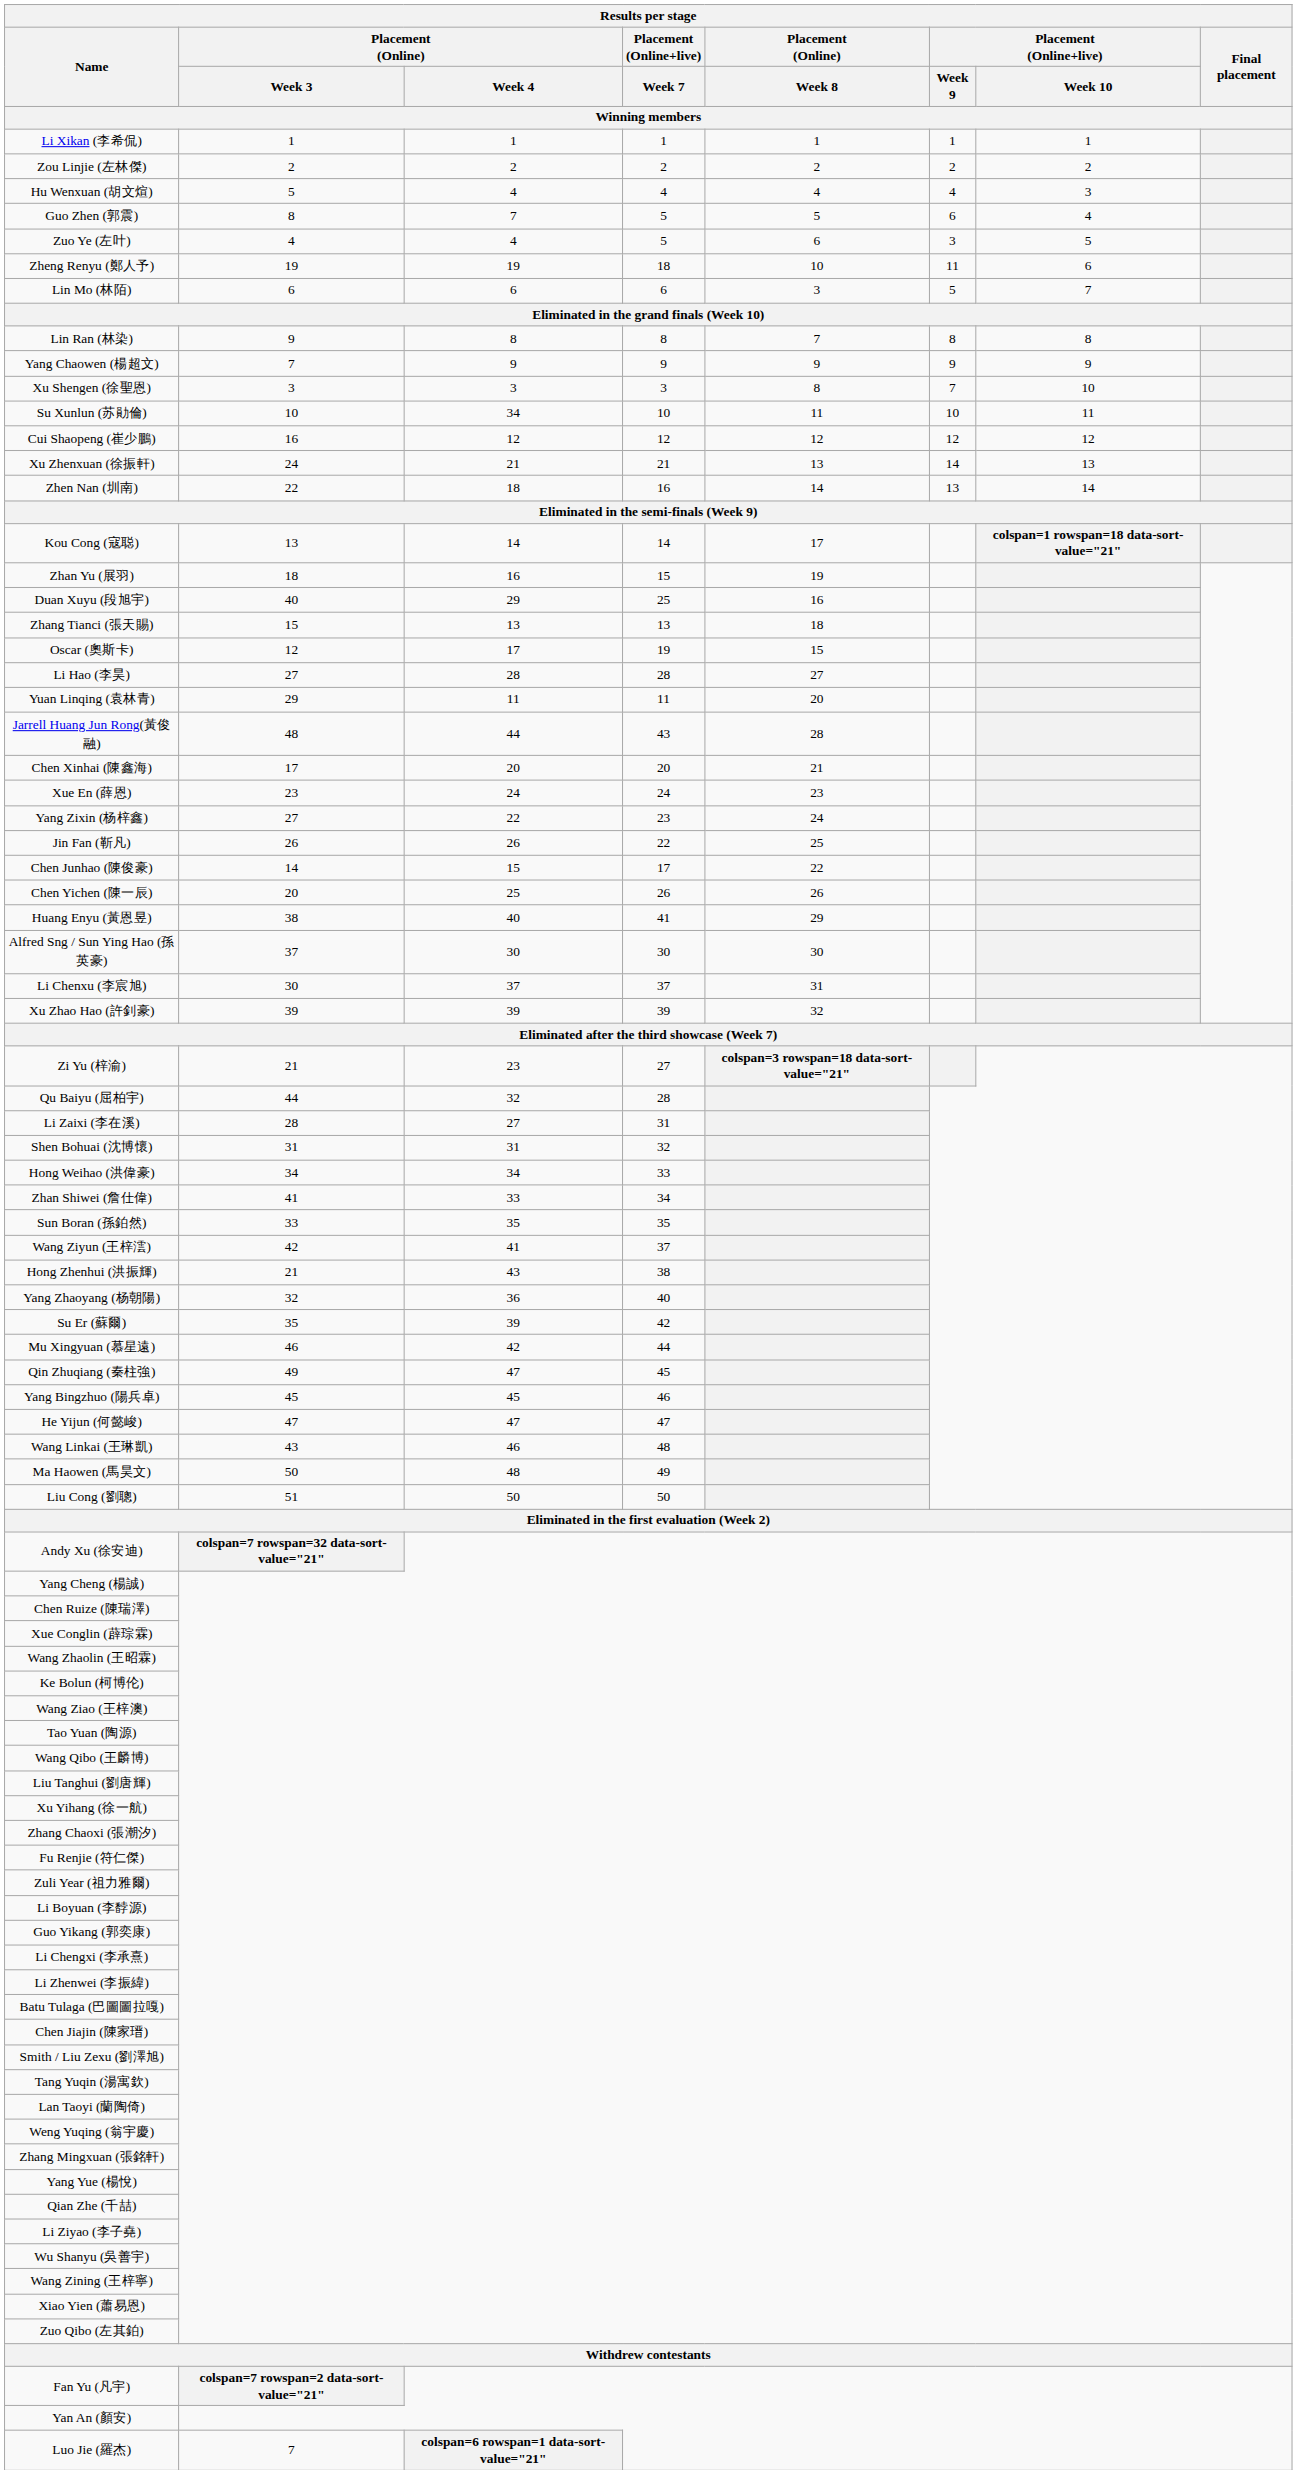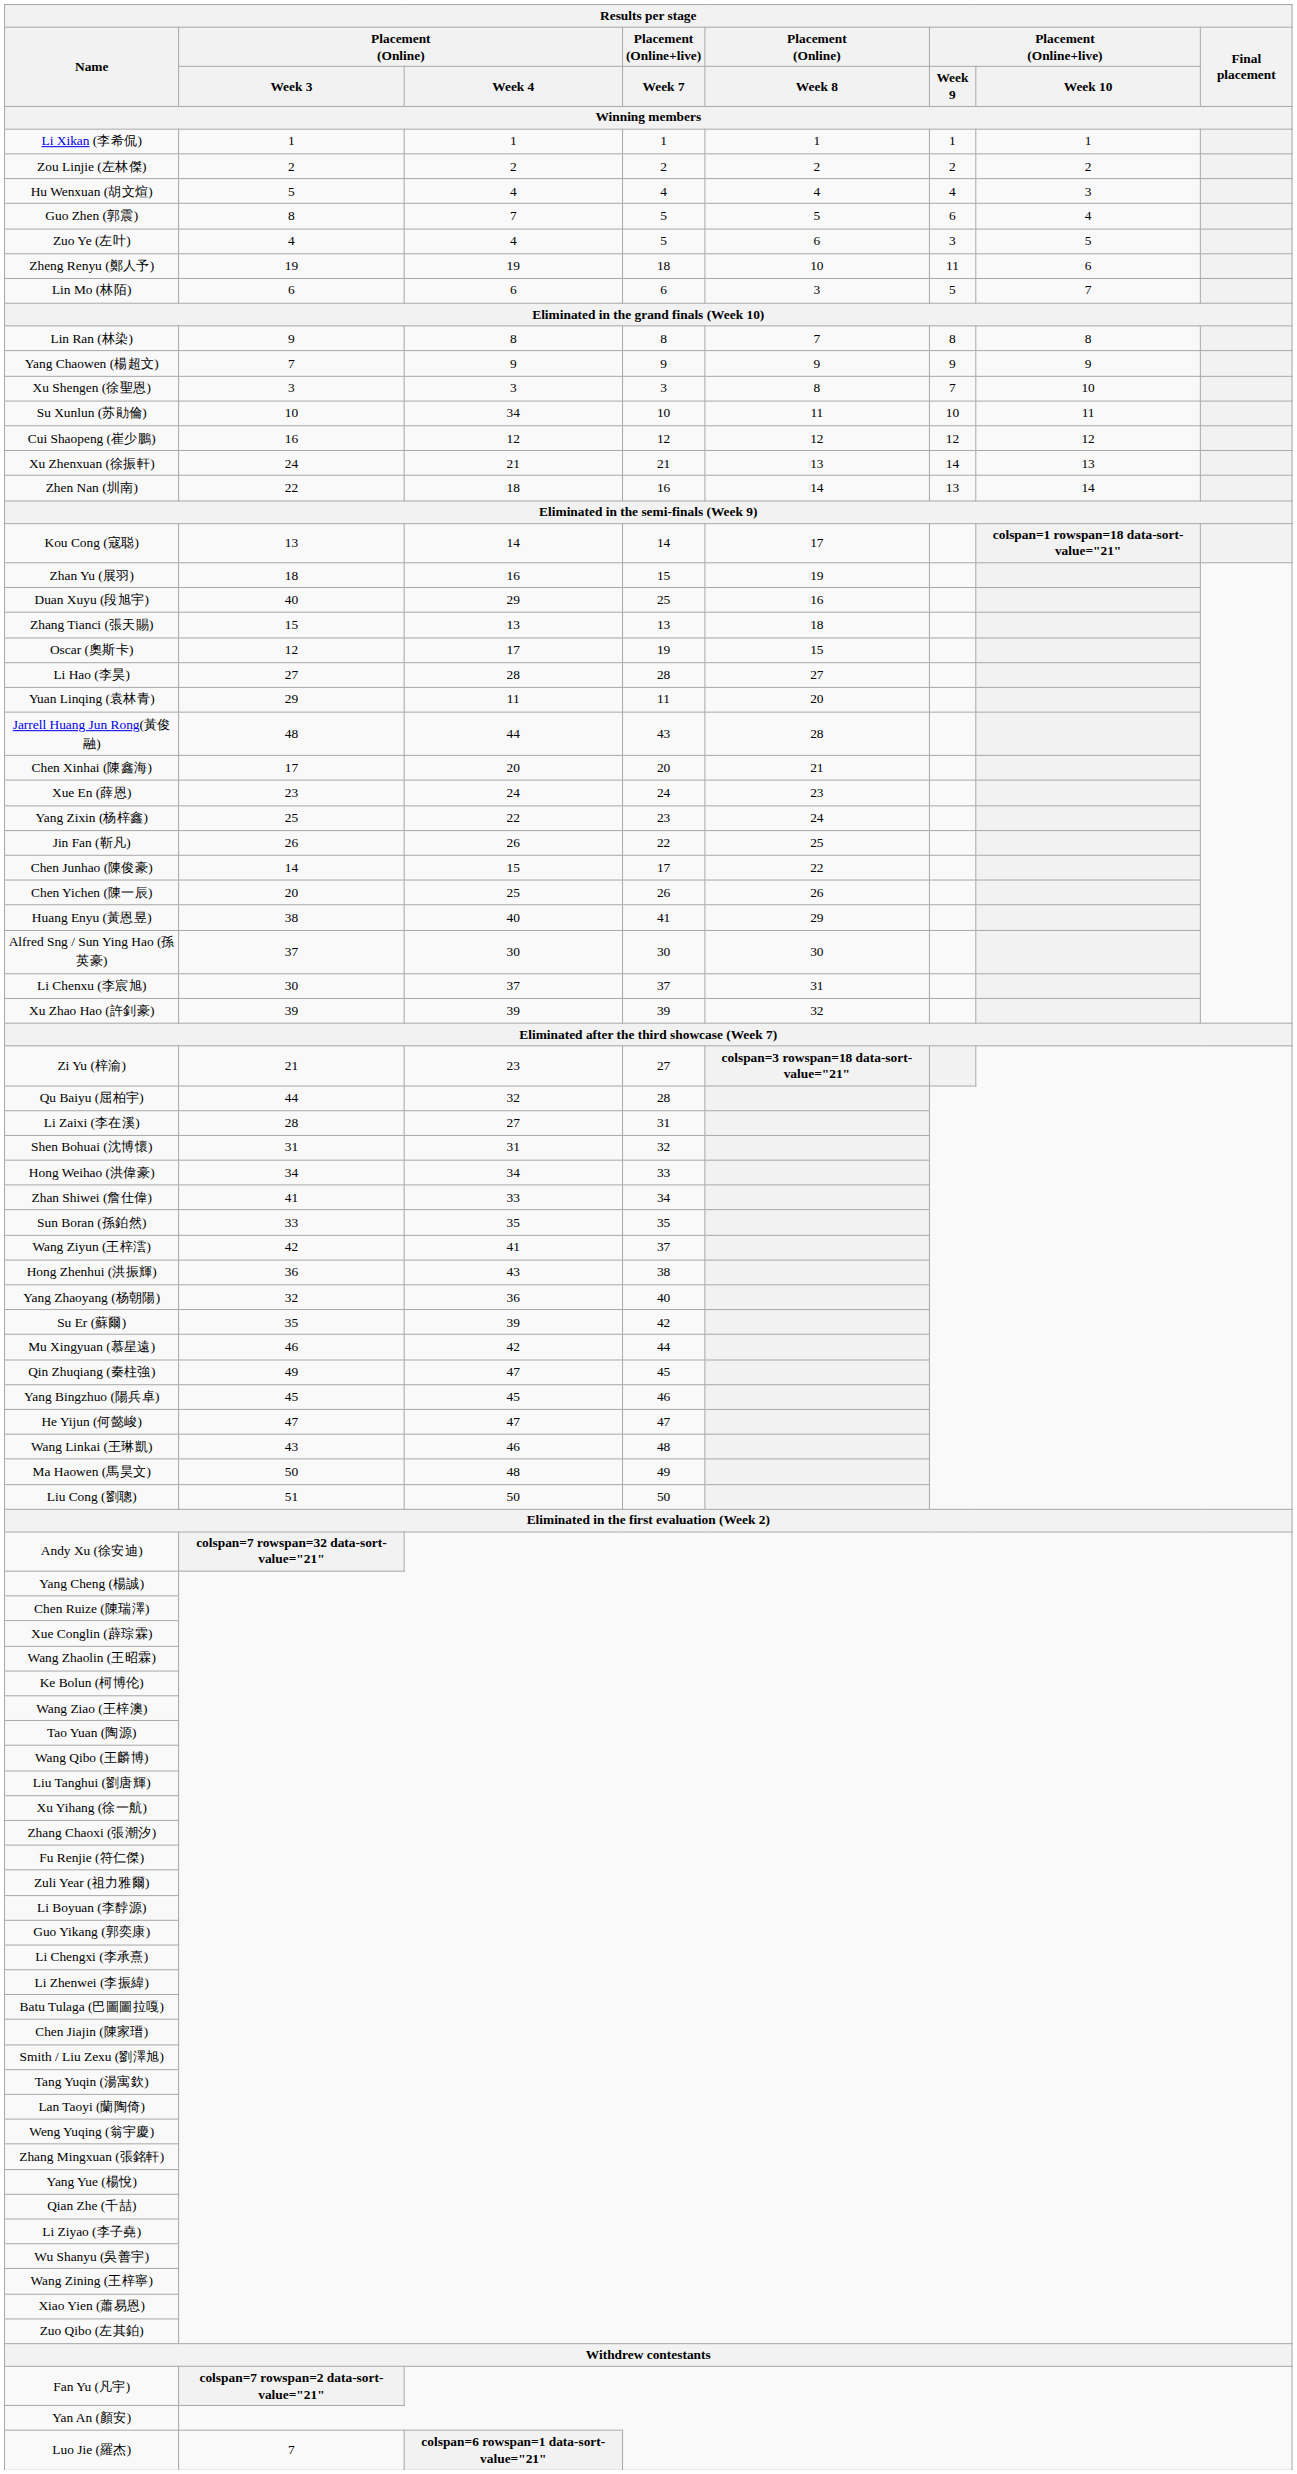 <table class="wikitable sortable" style="Font-size:small; text-align:center">
 <tr>
 <th colspan="8">Results per stage</th>
 </tr>
 <tr>
 <th rowspan="2">Name</th>
 <th colspan="2">Placement<br>(Online)</th>
 <th>Placement<br>(Online+live)</th>
 <th>Placement<br>(Online)</th>
 <th colspan="2">Placement<br>(Online+live)</th>
 <th rowspan="2">Final placement</th>
 </tr>
 <tr>
 <th>Week 3</th>
 <th>Week 4</th>
 <th>Week 7</th>
 <th>Week 8</th>
 <th>Week 9</th>
 <th>Week 10</th>
 </tr>
 <tr>
 <th colspan="11">Winning members</th>
 </tr>
 <tr>
 <td><a href='#'>Li Xikan</a> (李希侃)</td>
 <td>1</td>
 <td>1</td>
 <td>1</td>
 <td>1</td>
 <td>1</td>
 <td>1</td>
 <th></th>
 </tr>
 <tr>
 <td>Zou Linjie (左林傑)</td>
 <td>2</td>
 <td>2</td>
 <td>2</td>
 <td>2</td>
 <td>2</td>
 <td>2</td>
 <th></th>
 </tr>
 <tr>
 <td>Hu Wenxuan (胡文煊)</td>
 <td>5</td>
 <td>4</td>
 <td>4</td>
 <td>4</td>
 <td>4</td>
 <td>3</td>
 <th></th>
 </tr>
 <tr>
 <td>Guo Zhen (郭震)</td>
 <td>8</td>
 <td>7</td>
 <td>5</td>
 <td>5</td>
 <td>6</td>
 <td>4</td>
 <th></th>
 </tr>
 <tr>
 <td>Zuo Ye (左叶)</td>
 <td>4</td>
 <td>4</td>
 <td>5</td>
 <td>6</td>
 <td>3</td>
 <td>5</td>
 <th></th>
 </tr>
 <tr>
 <td>Zheng Renyu (鄭人予)</td>
 <td>19</td>
 <td>19</td>
 <td>18</td>
 <td>10</td>
 <td>11</td>
 <td>6</td>
 <th></th>
 </tr>
 <tr>
 <td>Lin Mo (林陌)</td>
 <td>6</td>
 <td>6</td>
 <td>6</td>
 <td>3</td>
 <td>5</td>
 <td>7</td>
 <th></th>
 </tr>
 <tr>
 <th colspan="11">Eliminated in the grand finals (Week 10)</th>
 </tr>
 <tr>
 <td>Lin Ran (林染)</td>
 <td>9</td>
 <td>8</td>
 <td>8</td>
 <td>7</td>
 <td>8</td>
 <td>8</td>
 <th></th>
 </tr>
 <tr>
 <td>Yang Chaowen (楊超文)</td>
 <td>7</td>
 <td>9</td>
 <td>9</td>
 <td>9</td>
 <td>9</td>
 <td>9</td>
 <th></th>
 </tr>
 <tr>
 <td>Xu Shengen (徐聖恩)</td>
 <td>3</td>
 <td>3</td>
 <td>3</td>
 <td>8</td>
 <td>7</td>
 <td>10</td>
 <th></th>
 </tr>
 <tr>
 <td>Su Xunlun  (苏勛倫)</td>
 <td>10</td>
 <td>34</td>
 <td>10</td>
 <td>11</td>
 <td>10</td>
 <td>11</td>
 <th></th>
 </tr>
 <tr>
 <td>Cui Shaopeng (崔少鵬)</td>
 <td>16</td>
 <td>12</td>
 <td>12</td>
 <td>12</td>
 <td>12</td>
 <td>12</td>
 <th></th>
 </tr>
 <tr>
 <td>Xu Zhenxuan (徐振軒)</td>
 <td>24</td>
 <td>21</td>
 <td>21</td>
 <td>13</td>
 <td>14</td>
 <td>13</td>
 <th></th>
 </tr>
 <tr>
 <td>Zhen Nan (圳南)</td>
 <td>22</td>
 <td>18</td>
 <td>16</td>
 <td>14</td>
 <td>13</td>
 <td>14</td>
 <th></th>
 </tr>
 <tr>
 <th colspan="11">Eliminated in the semi-finals (Week 9)</th>
 </tr>
 <tr>
 <td>Kou Cong (寇聪)</td>
 <td>13</td>
 <td>14</td>
 <td>14</td>
 <td>17</td>
 <td></td>
 <th>colspan=1 rowspan=18 data-sort-value="21" </th>
 <th></th>
 </tr>
 <tr>
 <td>Zhan Yu (展羽)</td>
 <td>18</td>
 <td>16</td>
 <td>15</td>
 <td>19</td>
 <td></td>
 <th></th>
 </tr>
 <tr>
 <td>Duan Xuyu (段旭宇)</td>
 <td>40</td>
 <td>29</td>
 <td>25</td>
 <td>16</td>
 <td></td>
 <th></th>
 </tr>
 <tr>
 <td>Zhang Tianci (張天賜)</td>
 <td>15</td>
 <td>13</td>
 <td>13</td>
 <td>18</td>
 <td></td>
 <th></th>
 </tr>
 <tr>
 <td>Oscar (奧斯卡)</td>
 <td>12</td>
 <td>17</td>
 <td>19</td>
 <td>15</td>
 <td></td>
 <th></th>
 </tr>
 <tr>
 <td>Li Hao (李昊)</td>
 <td>27</td>
 <td>28</td>
 <td>28</td>
 <td>27</td>
 <td></td>
 <th></th>
 </tr>
 <tr>
 <td>Yuan Linqing (袁林青)</td>
 <td>29</td>
 <td>11</td>
 <td>11</td>
 <td>20</td>
 <td></td>
 <th></th>
 </tr>
 <tr>
 <td><a href='#'>Jarrell Huang Jun Rong</a>(黃俊融)</td>
 <td>48</td>
 <td>44</td>
 <td>43</td>
 <td>28</td>
 <td></td>
 <th></th>
 </tr>
 <tr>
 <td>Chen Xinhai (陳鑫海)</td>
 <td>17</td>
 <td>20</td>
 <td>20</td>
 <td>21</td>
 <td></td>
 <th></th>
 </tr>
 <tr>
 <td>Xue En (薛恩)</td>
 <td>23</td>
 <td>24</td>
 <td>24</td>
 <td>23</td>
 <td></td>
 <th></th>
 </tr>
 <tr>
 <td>Yang Zixin  (杨梓鑫)</td>
-<td>27</td>
+<td>25</td>
 <td>22</td>
 <td>23</td>
 <td>24</td>
 <td></td>
 <th></th>
 </tr>
 <tr>
 <td>Jin Fan (靳凡)</td>
 <td>26</td>
 <td>26</td>
 <td>22</td>
 <td>25</td>
 <td></td>
 <th></th>
 </tr>
 <tr>
 <td>Chen Junhao (陳俊豪)</td>
 <td>14</td>
 <td>15</td>
 <td>17</td>
 <td>22</td>
 <td></td>
 <th></th>
 </tr>
 <tr>
 <td>Chen Yichen (陳一辰)</td>
 <td>20</td>
 <td>25</td>
 <td>26</td>
 <td>26</td>
 <td></td>
 <th></th>
 </tr>
 <tr>
 <td>Huang Enyu (黃恩昱)</td>
 <td>38</td>
 <td>40</td>
 <td>41</td>
 <td>29</td>
 <td></td>
 <th></th>
 </tr>
 <tr>
 <td>Alfred Sng / Sun Ying Hao (孫英豪)</td>
 <td>37</td>
 <td>30</td>
 <td>30</td>
 <td>30</td>
 <td></td>
 <th></th>
 </tr>
 <tr>
 <td>Li Chenxu (李宸旭)</td>
 <td>30</td>
 <td>37</td>
 <td>37</td>
 <td>31</td>
 <td></td>
 <th></th>
 </tr>
 <tr>
 <td>Xu Zhao Hao (許釗豪)</td>
 <td>39</td>
 <td>39</td>
 <td>39</td>
 <td>32</td>
 <td></td>
 <th></th>
 </tr>
 <tr>
 <th colspan="11">Eliminated after the third showcase (Week 7)</th>
 </tr>
 <tr>
 <td>Zi Yu (梓渝)</td>
 <td>21</td>
 <td>23</td>
 <td>27</td>
 <th>colspan=3 rowspan=18 data-sort-value="21" </th>
 <th></th>
 </tr>
 <tr>
 <td>Qu Baiyu (屈柏宇)</td>
 <td>44</td>
 <td>32</td>
 <td>28</td>
 <th></th>
 </tr>
 <tr>
 <td>Li Zaixi (李在溪)</td>
 <td>28</td>
 <td>27</td>
 <td>31</td>
 <th></th>
 </tr>
 <tr>
 <td>Shen Bohuai (沈博懷)</td>
 <td>31</td>
 <td>31</td>
 <td>32</td>
 <th></th>
 </tr>
 <tr>
 <td>Hong Weihao (洪偉豪)</td>
 <td>34</td>
 <td>34</td>
 <td>33</td>
 <th></th>
 </tr>
 <tr>
 <td>Zhan Shiwei (詹仕偉)</td>
 <td>41</td>
 <td>33</td>
 <td>34</td>
 <th></th>
 </tr>
 <tr>
 <td>Sun Boran (孫鉑然)</td>
 <td>33</td>
 <td>35</td>
 <td>35</td>
 <th></th>
 </tr>
 <tr>
 <td>Wang Ziyun (王梓澐)</td>
 <td>42</td>
 <td>41</td>
 <td>37</td>
 <th></th>
 </tr>
 <tr>
 <td>Hong Zhenhui (洪振輝)</td>
-<td>21</td>
+<td>36</td>
 <td>43</td>
 <td>38</td>
 <th></th>
 </tr>
 <tr>
 <td>Yang Zhaoyang (杨朝陽)</td>
 <td>32</td>
 <td>36</td>
 <td>40</td>
 <th></th>
 </tr>
 <tr>
 <td>Su Er (蘇爾)</td>
 <td>35</td>
 <td>39</td>
 <td>42</td>
 <th></th>
 </tr>
 <tr>
 <td>Mu Xingyuan (慕星遠)</td>
 <td>46</td>
 <td>42</td>
 <td>44</td>
 <th></th>
 </tr>
 <tr>
 <td>Qin Zhuqiang (秦柱強)</td>
 <td>49</td>
 <td>47</td>
 <td>45</td>
 <th></th>
 </tr>
 <tr>
 <td>Yang Bingzhuo (陽兵卓)</td>
 <td>45</td>
 <td>45</td>
 <td>46</td>
 <th></th>
 </tr>
 <tr>
 <td>He Yijun (何懿峻)</td>
 <td>47</td>
 <td>47</td>
 <td>47</td>
 <th></th>
 </tr>
 <tr>
 <td>Wang Linkai (王琳凱)</td>
 <td>43</td>
 <td>46</td>
 <td>48</td>
 <th></th>
 </tr>
 <tr>
 <td>Ma Haowen (馬昊文)</td>
 <td>50</td>
 <td>48</td>
 <td>49</td>
 <th></th>
 </tr>
 <tr>
 <td>Liu Cong (劉聰)</td>
 <td>51</td>
 <td>50</td>
 <td>50</td>
 <th></th>
 </tr>
 <tr>
 <th colspan="11">Eliminated in the first evaluation (Week 2)</th>
 </tr>
 <tr>
 <td>Andy Xu (徐安迪)</td>
 <th>colspan=7 rowspan=32 data-sort-value="21" </th>
 </tr>
 <tr>
 <td>Yang Cheng (楊誠)</td>
 </tr>
 <tr>
 <td>Chen Ruize (陳瑞澤)</td>
 </tr>
 <tr>
 <td>Xue Conglin (薜琮霖)</td>
 </tr>
 <tr>
 <td>Wang Zhaolin (王昭霖)</td>
 </tr>
 <tr>
 <td>Ke Bolun (柯博伦)</td>
 </tr>
 <tr>
 <td>Wang Ziao (王梓澳)</td>
 </tr>
 <tr>
 <td>Tao Yuan (陶源)</td>
 </tr>
 <tr>
 <td>Wang Qibo (王麟博)</td>
 </tr>
 <tr>
 <td>Liu Tanghui (劉唐輝)</td>
 </tr>
 <tr>
 <td>Xu Yihang (徐一航)</td>
 </tr>
 <tr>
 <td>Zhang Chaoxi (張潮汐)</td>
 </tr>
 <tr>
 <td>Fu Renjie (符仁傑)</td>
 </tr>
 <tr>
 <td>Zuli Year (祖力雅爾)</td>
 </tr>
 <tr>
 <td>Li Boyuan (李馞源)</td>
 </tr>
 <tr>
 <td>Guo Yikang (郭奕康)</td>
 </tr>
 <tr>
 <td>Li Chengxi (李承熹)</td>
 </tr>
 <tr>
 <td>Li Zhenwei (李振緯)</td>
 </tr>
 <tr>
 <td>Batu Tulaga (巴圖圖拉嘎)</td>
 </tr>
 <tr>
 <td>Chen Jiajin (陳家瑨)</td>
 </tr>
 <tr>
 <td>Smith / Liu Zexu (劉澤旭)</td>
 </tr>
 <tr>
 <td>Tang Yuqin (湯寓欽)</td>
 </tr>
 <tr>
 <td>Lan Taoyi (蘭陶倚)</td>
 </tr>
 <tr>
 <td>Weng Yuqing (翁宇慶)</td>
 </tr>
 <tr>
 <td>Zhang Mingxuan (張銘軒)</td>
 </tr>
 <tr>
 <td>Yang Yue (楊悅)</td>
 </tr>
 <tr>
 <td>Qian Zhe (千喆)</td>
 </tr>
 <tr>
 <td>Li Ziyao (李子堯)</td>
 </tr>
 <tr>
 <td>Wu Shanyu (吳善宇)</td>
 </tr>
 <tr>
 <td>Wang Zining (王梓寧)</td>
 </tr>
 <tr>
 <td>Xiao Yien (蕭易恩)</td>
 </tr>
 <tr>
 <td>Zuo Qibo (左其鉑)</td>
 </tr>
 <tr>
 <th colspan="11">Withdrew contestants</th>
 </tr>
 <tr>
 <td>Fan Yu (凡宇)</td>
 <th>colspan=7 rowspan=2 data-sort-value="21" </th>
 </tr>
 <tr>
 <td>Yan An (顏安)</td>
 </tr>
 <tr>
 <td>Luo Jie (羅杰)</td>
 <td>7</td>
 <th>colspan=6 rowspan=1 data-sort-value="21" </th>
 </tr>
 </table>
